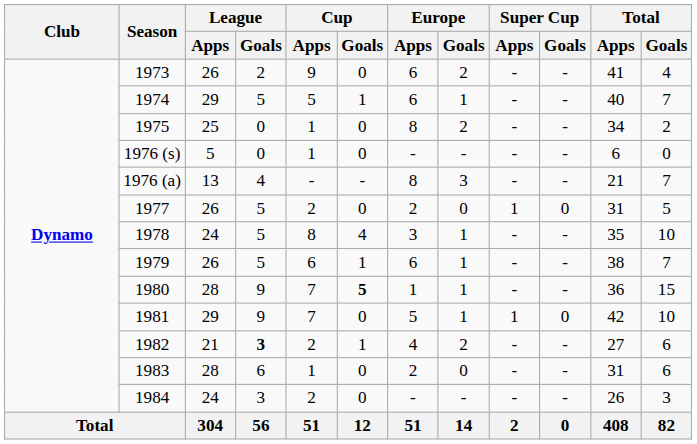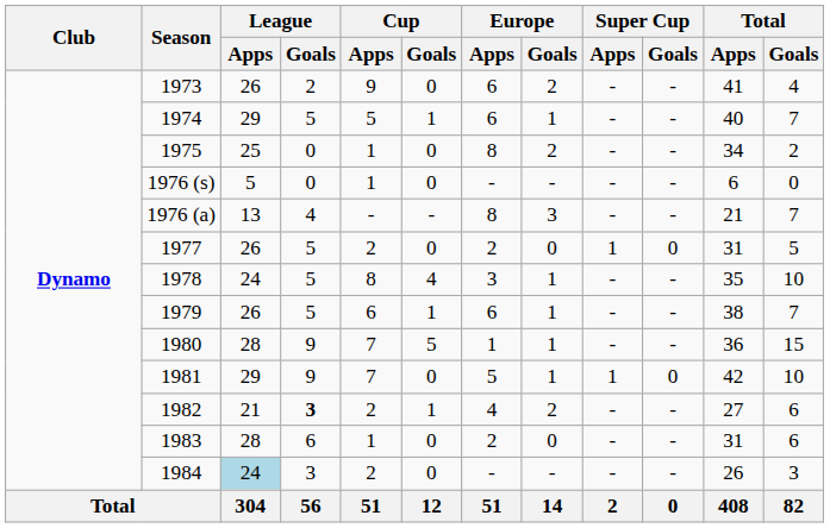 <table class="wikitable" style="font-size:100%; text-align: center;">
 <tr>
 <th rowspan="2" width="100">Club</th>
 <th rowspan="2">Season</th>
 <th colspan="2">League</th>
 <th colspan="2">Cup</th>
 <th colspan="2">Europe</th>
 <th colspan="2">Super Cup</th>
 <th colspan="2">Total</th>
 </tr>
 <tr>
 <th width="40">Apps</th>
 <th width="40">Goals</th>
 <th width="40">Apps</th>
 <th width="40">Goals</th>
 <th width="40">Apps</th>
 <th width="40">Goals</th>
 <th width="40">Apps</th>
 <th width="40">Goals</th>
 <th width="40">Apps</th>
 <th width="40">Goals</th>
 </tr>
 <tr>
 <td rowspan="13"><strong><a href='#'>Dynamo</a></strong></td>
 <td>1973</td>
 <td>26</td>
 <td>2</td>
 <td>9</td>
 <td>0</td>
 <td>6</td>
 <td>2</td>
 <td>-</td>
 <td>-</td>
 <td>41</td>
 <td>4</td>
 </tr>
 <tr>
 <td>1974</td>
 <td>29</td>
 <td>5</td>
 <td>5</td>
 <td>1</td>
 <td>6</td>
 <td>1</td>
 <td>-</td>
 <td>-</td>
 <td>40</td>
 <td>7</td>
 </tr>
 <tr>
 <td>1975</td>
 <td>25</td>
 <td>0</td>
 <td>1</td>
 <td>0</td>
 <td>8</td>
 <td>2</td>
 <td>-</td>
 <td>-</td>
 <td>34</td>
 <td>2</td>
 </tr>
 <tr>
 <td>1976 (s)</td>
 <td>5</td>
 <td>0</td>
 <td>1</td>
 <td>0</td>
 <td>-</td>
 <td>-</td>
 <td>-</td>
 <td>-</td>
 <td>6</td>
 <td>0</td>
 </tr>
 <tr>
 <td>1976 (a)</td>
 <td>13</td>
 <td>4</td>
 <td>-</td>
 <td>-</td>
 <td>8</td>
 <td>3</td>
 <td>-</td>
 <td>-</td>
 <td>21</td>
 <td>7</td>
 </tr>
 <tr>
 <td>1977</td>
 <td>26</td>
 <td>5</td>
 <td>2</td>
 <td>0</td>
 <td>2</td>
 <td>0</td>
 <td>1</td>
 <td>0</td>
 <td>31</td>
 <td>5</td>
 </tr>
 <tr>
 <td>1978</td>
 <td>24</td>
 <td>5</td>
 <td>8</td>
 <td>4</td>
 <td>3</td>
 <td>1</td>
 <td>-</td>
 <td>-</td>
 <td>35</td>
 <td>10</td>
 </tr>
 <tr>
 <td>1979</td>
 <td>26</td>
 <td>5</td>
 <td>6</td>
 <td>1</td>
 <td>6</td>
 <td>1</td>
 <td>-</td>
 <td>-</td>
 <td>38</td>
 <td>7</td>
 </tr>
 <tr>
 <td>1980</td>
 <td>28</td>
 <td>9</td>
 <td>7</td>
-<td><strong>5</strong></td>
+<td>5</td>
 <td>1</td>
 <td>1</td>
 <td>-</td>
 <td>-</td>
 <td>36</td>
 <td>15</td>
 </tr>
 <tr>
 <td>1981</td>
 <td>29</td>
 <td>9</td>
 <td>7</td>
 <td>0</td>
 <td>5</td>
 <td>1</td>
 <td>1</td>
 <td>0</td>
 <td>42</td>
 <td>10</td>
 </tr>
 <tr>
 <td>1982</td>
 <td>21</td>
 <td><strong>3</strong></td>
 <td>2</td>
 <td>1</td>
 <td>4</td>
 <td>2</td>
 <td>-</td>
 <td>-</td>
 <td>27</td>
 <td>6</td>
 </tr>
 <tr>
 <td>1983</td>
 <td>28</td>
 <td>6</td>
 <td>1</td>
 <td>0</td>
 <td>2</td>
 <td>0</td>
 <td>-</td>
 <td>-</td>
 <td>31</td>
 <td>6</td>
 </tr>
 <tr>
 <td>1984</td>
-<td>24</td>
+<td style="background: lightblue;">24</td>
 <td>3</td>
 <td>2</td>
 <td>0</td>
 <td>-</td>
 <td>-</td>
 <td>-</td>
 <td>-</td>
 <td>26</td>
 <td>3</td>
 </tr>
 <tr>
 <th colspan="2">Total</th>
 <th>304</th>
 <th>56</th>
 <th>51</th>
 <th>12</th>
 <th>51</th>
 <th>14</th>
 <th>2</th>
 <th>0</th>
 <th>408</th>
 <th>82</th>
 </tr>
 </table>
